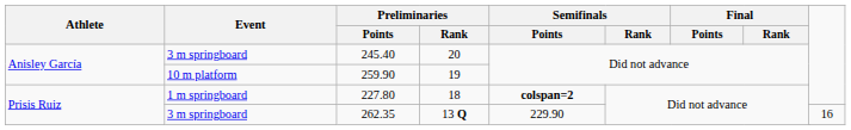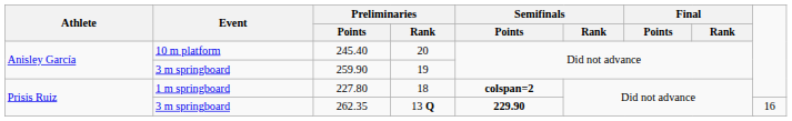 <table class="wikitable" style="text-align:center; font-size:90%; width:50%;">
 <tr>
 <th rowspan=2>Athlete</th>
 <th rowspan=2>Event</th>
 <th colspan=2>Preliminaries</th>
 <th colspan=2>Semifinals</th>
 <th colspan=2>Final</th>
 </tr>
 <tr style="font-size:95%">
 <th>Points</th>
 <th>Rank</th>
 <th>Points</th>
 <th>Rank</th>
 <th>Points</th>
 <th>Rank</th>
 </tr>
 <tr>
 <td align=left rowspan=2><a href='#'>Anisley García</a></td>
-<td align=left><a href='#'>3 m springboard</a></td>
+<td align=left><a href='#'>10 m platform</a></td>
 <td>245.40</td>
 <td>20</td>
 <td colspan=4 rowspan=2>Did not advance</td>
 </tr>
 <tr>
-<td align=left><a href='#'>10 m platform</a></td>
+<td align=left><a href='#'>3 m springboard</a></td>
 <td>259.90</td>
 <td>19</td>
 </tr>
 <tr>
 <td align=left rowspan=2><a href='#'>Prisis Ruiz</a></td>
 <td align=left><a href='#'>1 m springboard</a></td>
 <td>227.80</td>
 <td>18</td>
 <td><strong>colspan=2 </strong></td>
 <td colspan=4 rowspan=2>Did not advance</td>
 </tr>
 <tr>
 <td align=left><a href='#'>3 m springboard</a></td>
 <td>262.35</td>
 <td>13 <strong>Q</strong></td>
-<td>229.90</td>
+<td><strong>229.90</strong></td>
 <td>16</td>
 </tr>
 </table>
